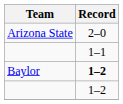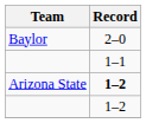 <table class="wikitable" style="text-align:center">
 <tr>
 <th>Team</th>
 <th>Record</th>
 </tr>
 <tr>
-<td align=left><a href='#'>Arizona State</a></td>
+<td align=left><a href='#'>Baylor</a></td>
 <td>2–0</td>
 </tr>
 <tr>
 <td align=left></td>
 <td>1–1</td>
 </tr>
 <tr>
-<td align=left><a href='#'>Baylor</a></td>
+<td align=left><a href='#'>Arizona State</a></td>
 <td><strong>1–2</strong></td>
 </tr>
 <tr>
 <td align=left></td>
 <td>1–2</td>
 </tr>
 <tr>
 </tr>
 </table>
